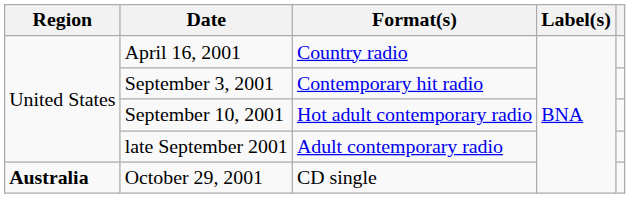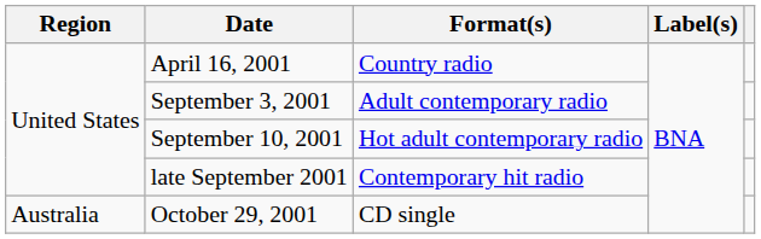 <table class="wikitable">
 <tr>
 <th>Region</th>
 <th>Date</th>
 <th>Format(s)</th>
 <th>Label(s)</th>
 <th></th>
 </tr>
 <tr>
 <td rowspan="4">United States</td>
 <td>April 16, 2001</td>
 <td><a href='#'>Country radio</a></td>
 <td rowspan="5"><a href='#'>BNA</a></td>
 <td></td>
 </tr>
 <tr>
 <td>September 3, 2001</td>
-<td><a href='#'>Contemporary hit radio</a></td>
+<td><a href='#'>Adult contemporary radio</a></td>
 <td></td>
 </tr>
 <tr>
 <td>September 10, 2001</td>
 <td><a href='#'>Hot adult contemporary radio</a></td>
 <td></td>
 </tr>
 <tr>
 <td>late September 2001</td>
-<td><a href='#'>Adult contemporary radio</a></td>
+<td><a href='#'>Contemporary hit radio</a></td>
 <td></td>
 </tr>
 <tr>
-<td><strong>Australia</strong></td>
+<td>Australia</td>
 <td>October 29, 2001</td>
 <td>CD single</td>
 <td></td>
 </tr>
 </table>
